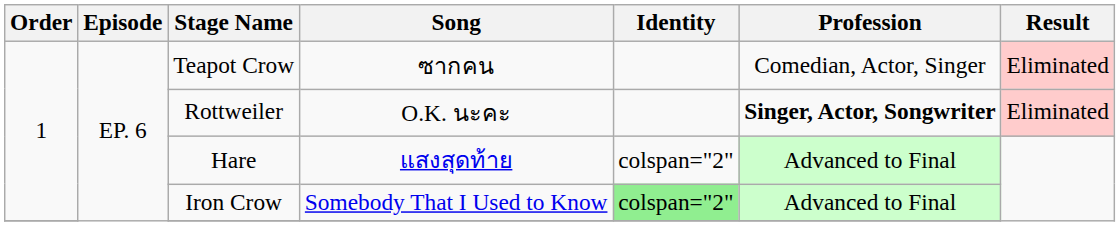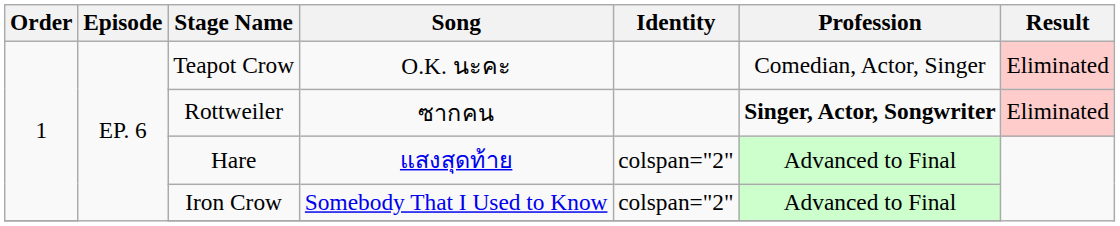 <table class="wikitable">
 <tr>
 <th>Order</th>
 <th>Episode</th>
 <th>Stage Name</th>
 <th>Song</th>
 <th>Identity</th>
 <th>Profession</th>
 <th>Result</th>
 </tr>
 <tr>
 <td rowspan="4" style="text-align:center;">1</td>
 <td rowspan="6" align="center">EP. 6</td>
 <td style="text-align:center;">Teapot Crow</td>
-<td style="text-align:center;">ซากคน</td>
+<td style="text-align:center;">O.K. นะคะ</td>
 <td style="text-align:center;"></td>
 <td style="text-align:center;">Comedian, Actor, Singer</td>
 <td style="text-align:center; background:#ffcccc;">Eliminated</td>
 </tr>
 <tr>
 <td style="text-align:center;">Rottweiler</td>
-<td style="text-align:center;">O.K. นะคะ</td>
+<td style="text-align:center;">ซากคน</td>
 <td style="text-align:center;"></td>
 <td style="text-align:center;"><strong>Singer, Actor, Songwriter</strong></td>
 <td style="text-align:center; background:#ffcccc;">Eliminated</td>
 </tr>
 <tr>
 <td style="text-align:center;">Hare</td>
 <td style="text-align:center;"><a href='#'>แสงสุดท้าย</a></td>
 <td>colspan="2"  </td>
 <td style="text-align:center; background:#ccffcc;">Advanced to Final</td>
 </tr>
 <tr>
 <td style="text-align:center;">Iron Crow</td>
 <td style="text-align:center;"><a href='#'>Somebody That I Used to Know</a></td>
-<td style="background: lightgreen;">colspan="2"  </td>
+<td>colspan="2"  </td>
 <td style="text-align:center; background:#ccffcc;">Advanced to Final</td>
 </tr>
 <tr>
 </tr>
 </table>
